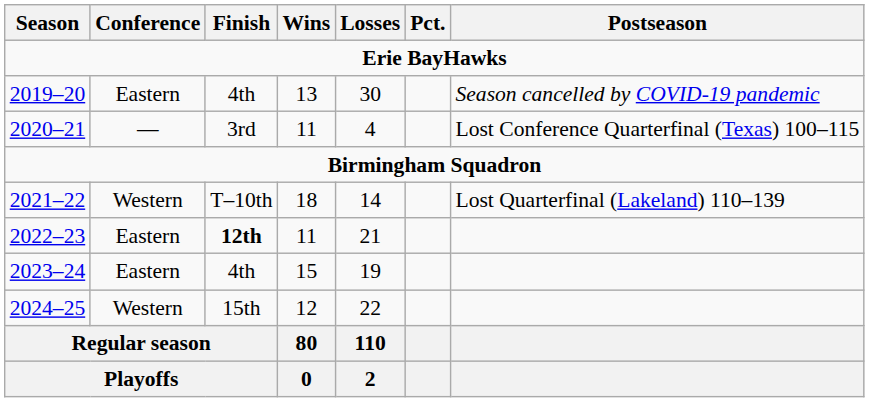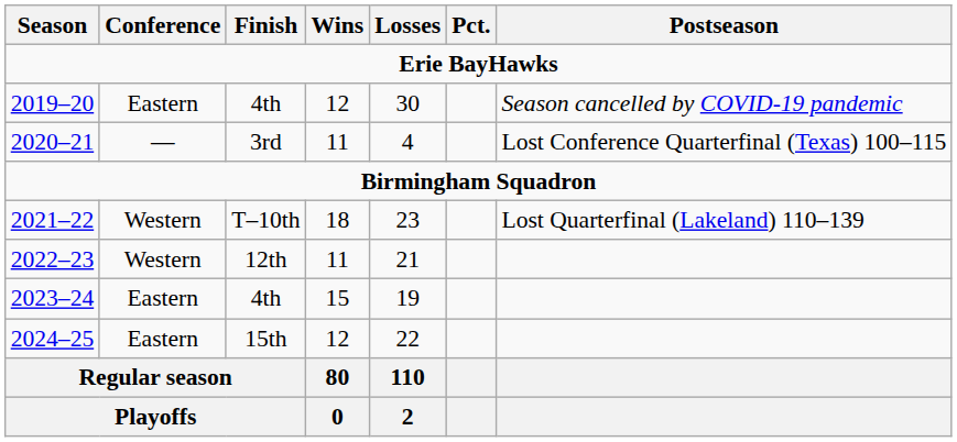 <table class="wikitable" style="font-size:95%; text-align:center">
 <tr>
 <th>Season</th>
 <th>Conference</th>
 <th>Finish</th>
 <th>Wins</th>
 <th>Losses</th>
 <th>Pct.</th>
 <th>Postseason</th>
 </tr>
 <tr>
 <td colspan=12 align="center"><strong>Erie BayHawks</strong></td>
 </tr>
 <tr>
 <td><a href='#'>2019–20</a></td>
 <td>Eastern</td>
 <td>4th</td>
-<td>13</td>
+<td>12</td>
 <td>30</td>
 <td></td>
 <td align=left><em>Season cancelled by <a href='#'>COVID-19 pandemic</a></em></td>
 </tr>
 <tr>
 <td><a href='#'>2020–21</a></td>
 <td>—</td>
 <td>3rd</td>
 <td>11</td>
 <td>4</td>
 <td></td>
 <td align=left>Lost Conference Quarterfinal (<a href='#'>Texas</a>) 100–115</td>
 </tr>
 <tr>
 <td colspan=12 align=center><strong>Birmingham Squadron</strong></td>
 </tr>
 <tr>
 <td><a href='#'>2021–22</a></td>
 <td>Western</td>
 <td>T–10th</td>
 <td>18</td>
-<td>14</td>
+<td>23</td>
 <td></td>
 <td align=left>Lost Quarterfinal (<a href='#'>Lakeland</a>) 110–139</td>
 </tr>
 <tr>
 <td><a href='#'>2022–23</a></td>
-<td>Eastern</td>
-<td><strong>12th</strong></td>
+<td>Western</td>
+<td>12th</td>
 <td>11</td>
 <td>21</td>
 <td></td>
 <td></td>
 </tr>
 <tr>
 <td><a href='#'>2023–24</a></td>
 <td>Eastern</td>
 <td>4th</td>
 <td>15</td>
 <td>19</td>
 <td></td>
 <td></td>
 </tr>
 <tr>
 <td><a href='#'>2024–25</a></td>
-<td>Western</td>
+<td>Eastern</td>
 <td>15th</td>
 <td>12</td>
 <td>22</td>
 <td></td>
 <td></td>
 </tr>
 <tr>
 <th colspan=3>Regular season</th>
 <th>80</th>
 <th>110</th>
 <th></th>
 <th></th>
 </tr>
 <tr>
 <th colspan=3>Playoffs</th>
 <th>0</th>
 <th>2</th>
 <th></th>
 <th></th>
 </tr>
 </table>
